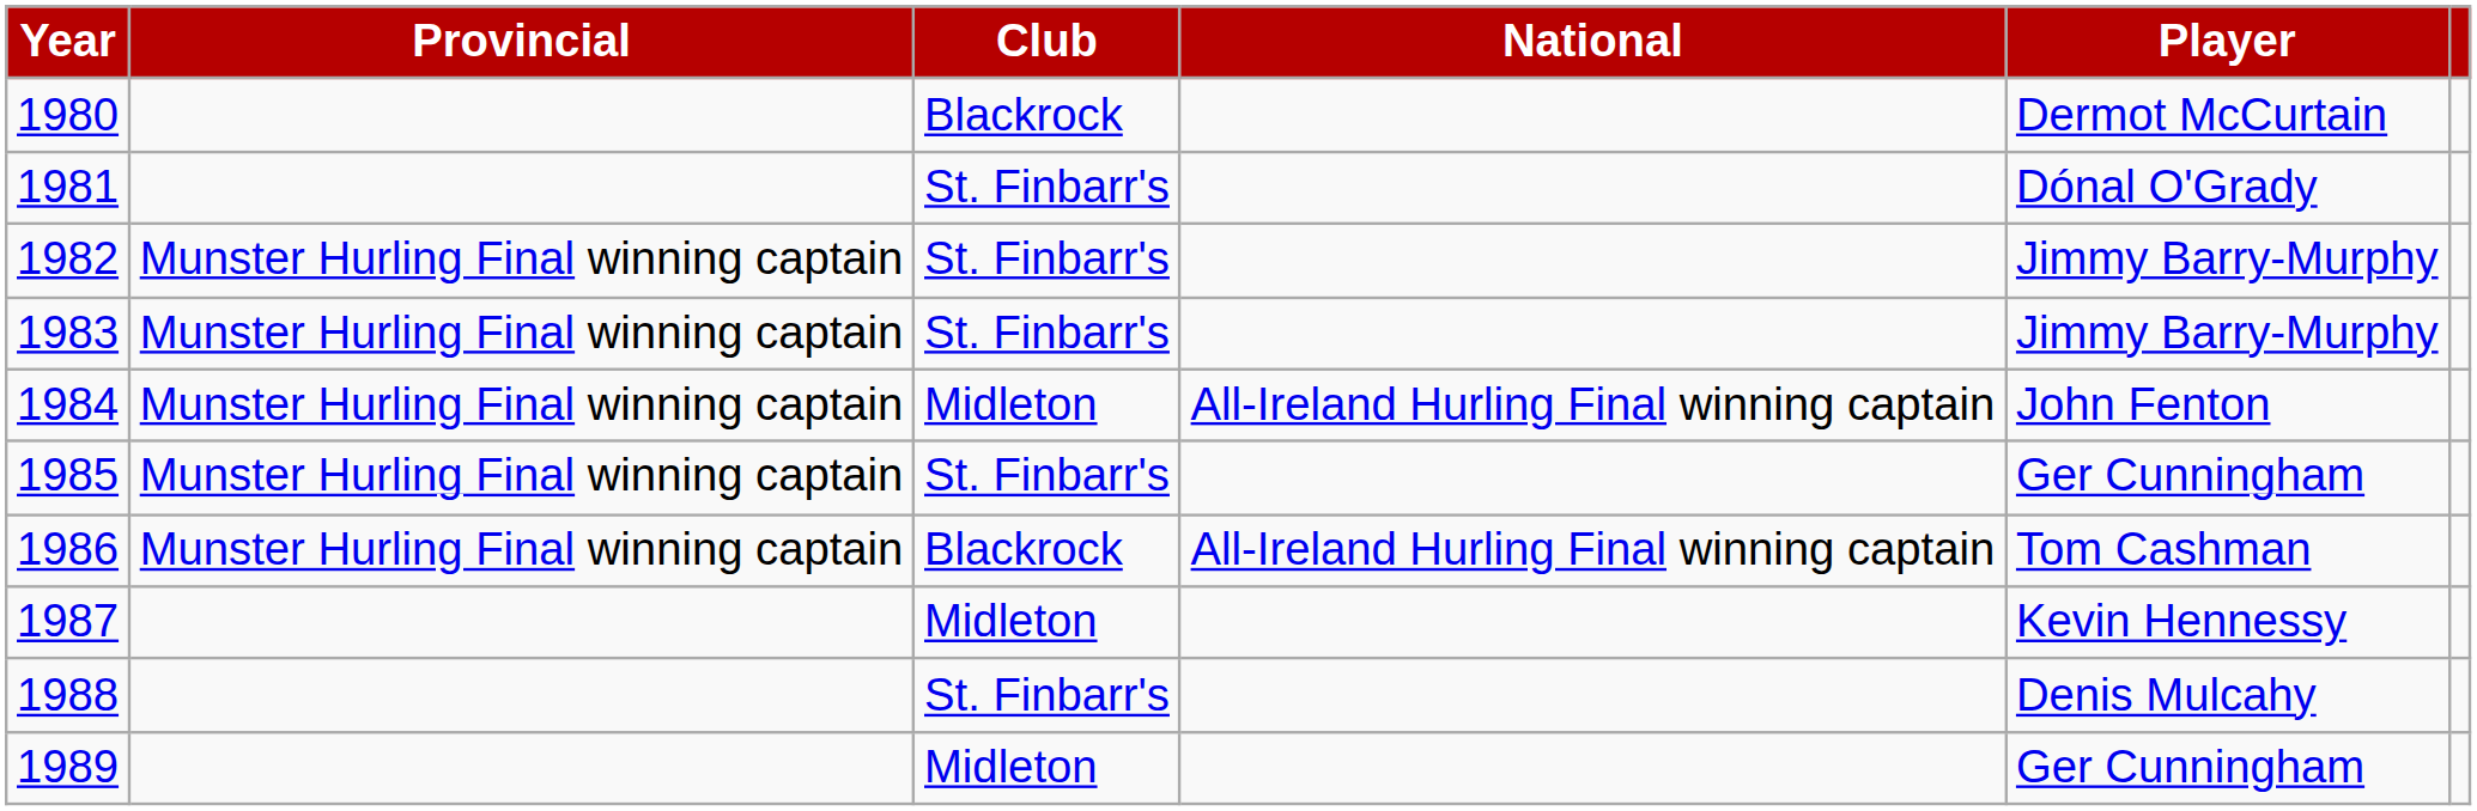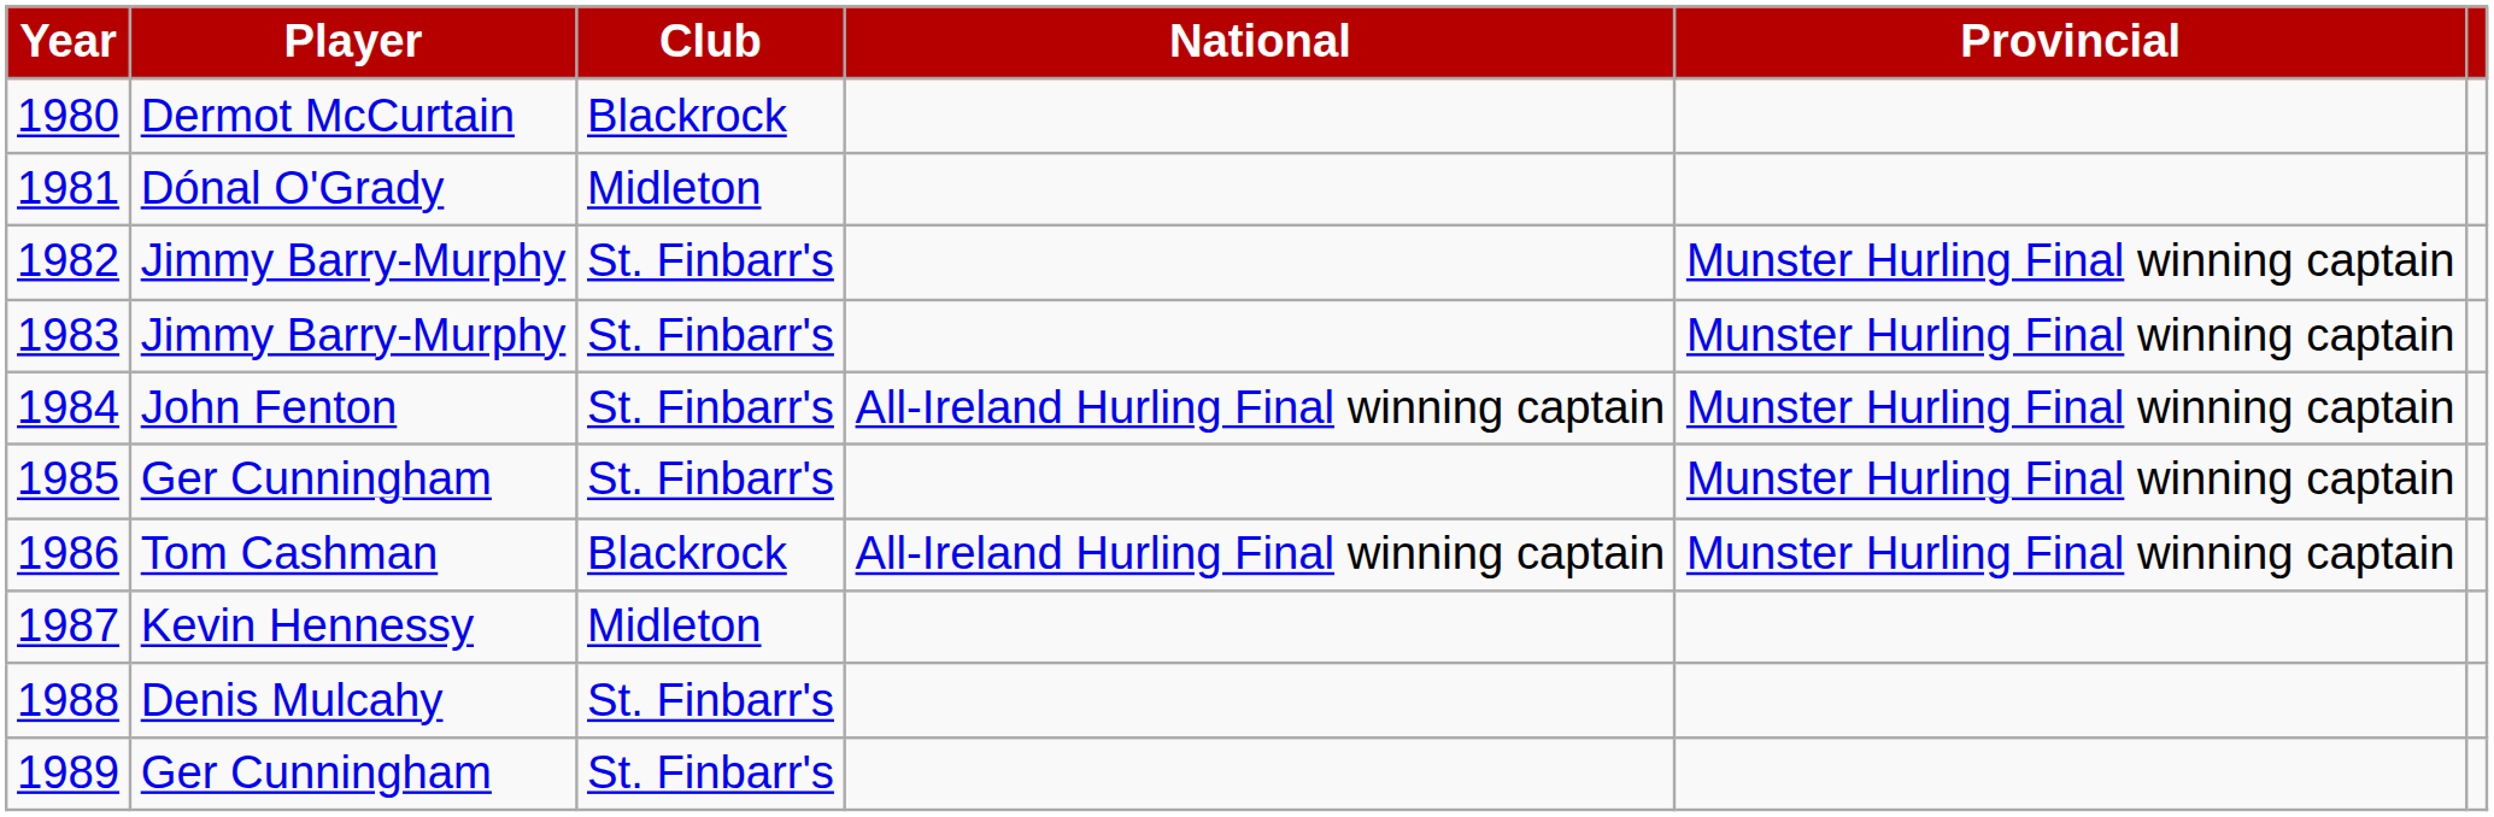 <table class="wikitable">
 <tr style="text-align:center;background:#B60000;color:white">
 <td><strong>Year</strong></td>
-<td><strong>Provincial</strong></td>
+<td><strong>Player</strong></td>
 <td><strong>Club</strong></td>
 <td><strong>National</strong></td>
-<td><strong>Player</strong></td>
+<td><strong>Provincial</strong></td>
 <td></td>
 </tr>
 <tr>
 <td style="text-align:left;"><a href='#'>1980</a></td>
-<td></td>
+<td style="text-align:left;"><a href='#'>Dermot McCurtain</a></td>
 <td style="text-align:left;"><a href='#'>Blackrock</a></td>
 <td></td>
-<td style="text-align:left;"><a href='#'>Dermot McCurtain</a></td>
+<td></td>
 <td></td>
 </tr>
 <tr>
 <td style="text-align:left;"><a href='#'>1981</a></td>
+<td style="text-align:left;"><a href='#'>Dónal O'Grady</a></td>
+<td style="text-align:left;"><a href='#'>Midleton</a></td>
 <td></td>
-<td style="text-align:left;"><a href='#'>St. Finbarr's</a></td>
 <td></td>
-<td style="text-align:left;"><a href='#'>Dónal O'Grady</a></td>
 <td></td>
 </tr>
 <tr>
 <td style="text-align:left;"><a href='#'>1982</a></td>
-<td style="text-align:left;"><a href='#'>Munster Hurling Final</a> winning captain</td>
+<td style="text-align:left;"><a href='#'>Jimmy Barry-Murphy</a></td>
 <td style="text-align:left;"><a href='#'>St. Finbarr's</a></td>
 <td></td>
-<td style="text-align:left;"><a href='#'>Jimmy Barry-Murphy</a></td>
+<td style="text-align:left;"><a href='#'>Munster Hurling Final</a> winning captain</td>
 <td></td>
 </tr>
 <tr>
 <td style="text-align:left;"><a href='#'>1983</a></td>
-<td style="text-align:left;"><a href='#'>Munster Hurling Final</a> winning captain</td>
+<td style="text-align:left;"><a href='#'>Jimmy Barry-Murphy</a></td>
 <td style="text-align:left;"><a href='#'>St. Finbarr's</a></td>
 <td></td>
-<td style="text-align:left;"><a href='#'>Jimmy Barry-Murphy</a></td>
+<td style="text-align:left;"><a href='#'>Munster Hurling Final</a> winning captain</td>
 <td></td>
 </tr>
 <tr>
 <td style="text-align:left;"><a href='#'>1984</a></td>
+<td style="text-align:left;"><a href='#'>John Fenton</a></td>
+<td style="text-align:left;"><a href='#'>St. Finbarr's</a></td>
+<td style="text-align:left;"><a href='#'>All-Ireland Hurling Final</a> winning captain</td>
 <td style="text-align:left;"><a href='#'>Munster Hurling Final</a> winning captain</td>
-<td style="text-align:left;"><a href='#'>Midleton</a></td>
-<td style="text-align:left;"><a href='#'>All-Ireland Hurling Final</a> winning captain</td>
-<td style="text-align:left;"><a href='#'>John Fenton</a></td>
 <td></td>
 </tr>
 <tr>
 <td style="text-align:left;"><a href='#'>1985</a></td>
-<td style="text-align:left;"><a href='#'>Munster Hurling Final</a> winning captain</td>
+<td style="text-align:left;"><a href='#'>Ger Cunningham</a></td>
 <td style="text-align:left;"><a href='#'>St. Finbarr's</a></td>
 <td></td>
-<td style="text-align:left;"><a href='#'>Ger Cunningham</a></td>
+<td style="text-align:left;"><a href='#'>Munster Hurling Final</a> winning captain</td>
 <td></td>
 </tr>
 <tr>
 <td style="text-align:left;"><a href='#'>1986</a></td>
-<td style="text-align:left;"><a href='#'>Munster Hurling Final</a> winning captain</td>
+<td style="text-align:left;"><a href='#'>Tom Cashman</a></td>
 <td style="text-align:left;"><a href='#'>Blackrock</a></td>
 <td style="text-align:left;"><a href='#'>All-Ireland Hurling Final</a> winning captain</td>
-<td style="text-align:left;"><a href='#'>Tom Cashman</a></td>
+<td style="text-align:left;"><a href='#'>Munster Hurling Final</a> winning captain</td>
 <td></td>
 </tr>
 <tr>
 <td style="text-align:left;"><a href='#'>1987</a></td>
-<td></td>
+<td style="text-align:left;"><a href='#'>Kevin Hennessy</a></td>
 <td style="text-align:left;"><a href='#'>Midleton</a></td>
 <td></td>
-<td style="text-align:left;"><a href='#'>Kevin Hennessy</a></td>
+<td></td>
 <td></td>
 </tr>
 <tr>
 <td style="text-align:left;"><a href='#'>1988</a></td>
-<td></td>
+<td style="text-align:left;"><a href='#'>Denis Mulcahy</a></td>
 <td style="text-align:left;"><a href='#'>St. Finbarr's</a></td>
 <td></td>
-<td style="text-align:left;"><a href='#'>Denis Mulcahy</a></td>
+<td></td>
 <td></td>
 </tr>
 <tr>
 <td style="text-align:left;"><a href='#'>1989</a></td>
+<td style="text-align:left;"><a href='#'>Ger Cunningham</a></td>
+<td style="text-align:left;"><a href='#'>St. Finbarr's</a></td>
 <td></td>
-<td style="text-align:left;"><a href='#'>Midleton</a></td>
 <td></td>
-<td style="text-align:left;"><a href='#'>Ger Cunningham</a></td>
 <td></td>
 </tr>
 </table>
